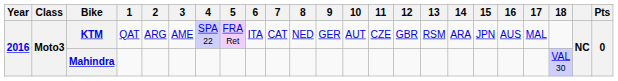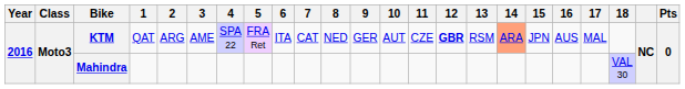 <table class="wikitable" style="text-align:center">
 <tr>
 <th>Year</th>
 <th>Class</th>
 <th>Bike</th>
 <th>1</th>
 <th>2</th>
 <th>3</th>
 <th>4</th>
 <th>5</th>
 <th>6</th>
 <th>7</th>
 <th>8</th>
 <th>9</th>
 <th>10</th>
 <th>11</th>
 <th>12</th>
 <th>13</th>
 <th>14</th>
 <th>15</th>
 <th>16</th>
 <th>17</th>
 <th>18</th>
 <th></th>
 <th>Pts</th>
 </tr>
 <tr>
 <th rowspan=2><a href='#'>2016</a></th>
 <th rowspan=2>Moto3</th>
 <th><a href='#'>KTM</a></th>
 <td><a href='#'>QAT</a></td>
 <td><a href='#'>ARG</a></td>
 <td><a href='#'>AME</a></td>
 <td style="background:#cfcfff;"><a href='#'>SPA</a><br><small>22</small></td>
 <td style="background:#efcfff;"><a href='#'>FRA</a><br><small>Ret</small></td>
 <td><a href='#'>ITA</a></td>
 <td><a href='#'>CAT</a></td>
 <td><a href='#'>NED</a></td>
 <td><a href='#'>GER</a></td>
 <td><a href='#'>AUT</a></td>
 <td><a href='#'>CZE</a></td>
-<td><a href='#'>GBR</a></td>
+<td><strong><a href='#'>GBR</a></strong></td>
 <td><a href='#'>RSM</a></td>
-<td><a href='#'>ARA</a></td>
+<td style="background: lightsalmon;"><a href='#'>ARA</a></td>
 <td><a href='#'>JPN</a></td>
 <td><a href='#'>AUS</a></td>
 <td><a href='#'>MAL</a></td>
 <td></td>
 <th rowspan=2>NC</th>
 <th rowspan=2>0</th>
 </tr>
 <tr>
 <th><a href='#'>Mahindra</a></th>
 <td></td>
 <td></td>
 <td></td>
 <td></td>
 <td></td>
 <td></td>
 <td></td>
 <td></td>
 <td></td>
 <td></td>
 <td></td>
 <td></td>
 <td></td>
 <td></td>
 <td></td>
 <td></td>
 <td></td>
 <td style="background:#cfcfff;"><a href='#'>VAL</a><br><small>30</small></td>
 </tr>
 </table>
